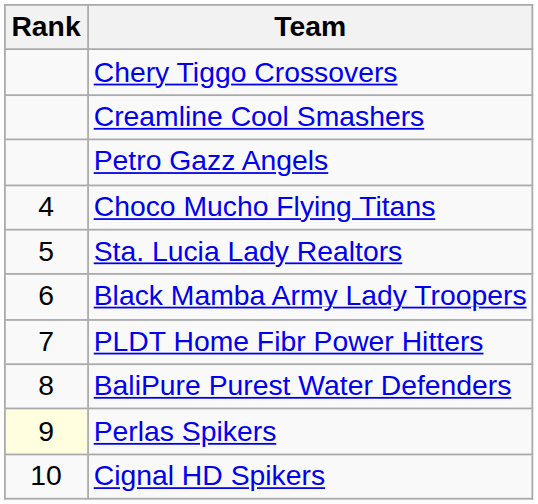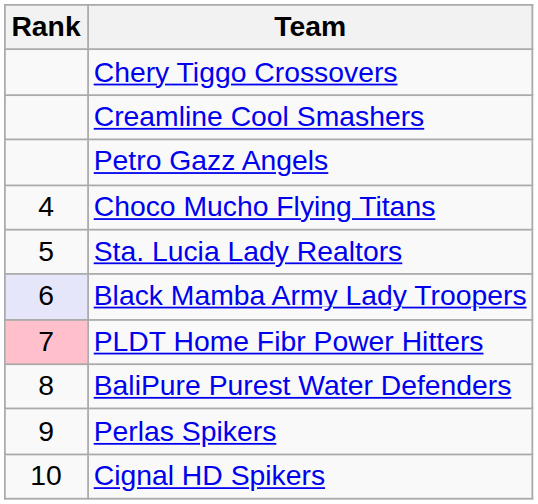 <table class="wikitable" style="text-align: center;">
 <tr>
 <th>Rank</th>
 <th>Team</th>
 </tr>
 <tr>
 <td></td>
 <td align="left"><a href='#'>Chery Tiggo Crossovers</a></td>
 </tr>
 <tr>
 <td></td>
 <td align="left"><a href='#'>Creamline Cool Smashers</a></td>
 </tr>
 <tr>
 <td></td>
 <td align="left"><a href='#'>Petro Gazz Angels</a></td>
 </tr>
 <tr>
 <td>4</td>
 <td align="left"><a href='#'>Choco Mucho Flying Titans</a></td>
 </tr>
 <tr>
 <td>5</td>
 <td align="left"><a href='#'>Sta. Lucia Lady Realtors</a></td>
 </tr>
 <tr>
-<td>6</td>
+<td style="background: lavender;">6</td>
 <td align="left"><a href='#'>Black Mamba Army Lady Troopers</a></td>
 </tr>
 <tr>
-<td>7</td>
+<td style="background: pink;">7</td>
 <td align="left"><a href='#'>PLDT Home Fibr Power Hitters</a></td>
 </tr>
 <tr>
 <td>8</td>
 <td align="left"><a href='#'>BaliPure Purest Water Defenders</a></td>
 </tr>
 <tr>
-<td style="background: lightyellow;">9</td>
+<td>9</td>
 <td align="left"><a href='#'>Perlas Spikers</a></td>
 </tr>
 <tr>
 <td>10</td>
 <td align="left"><a href='#'>Cignal HD Spikers</a></td>
 </tr>
 </table>
